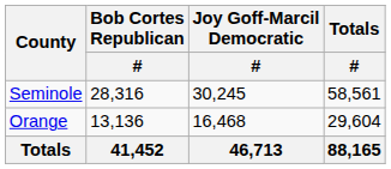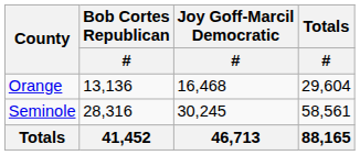 <table class="wikitable">
 <tr>
 <th rowspan="2">County</th>
 <th>Bob Cortes<br>Republican</th>
 <th>Joy Goff-Marcil<br>Democratic</th>
 <th>Totals</th>
 </tr>
 <tr>
 <th>#</th>
 <th>#</th>
 <th>#</th>
 </tr>
 <tr>
+<td><a href='#'>Orange</a></td>
+<td>13,136</td>
+<td>16,468</td>
+<td>29,604</td>
+</tr>
+<tr>
 <td><a href='#'>Seminole</a></td>
 <td>28,316</td>
 <td>30,245</td>
 <td>58,561</td>
-</tr>
-<tr>
-<td><a href='#'>Orange</a></td>
-<td>13,136</td>
-<td>16,468</td>
-<td>29,604</td>
 </tr>
 <tr>
 <th>Totals</th>
 <th>41,452</th>
 <th>46,713</th>
 <th>88,165</th>
 </tr>
 </table>
